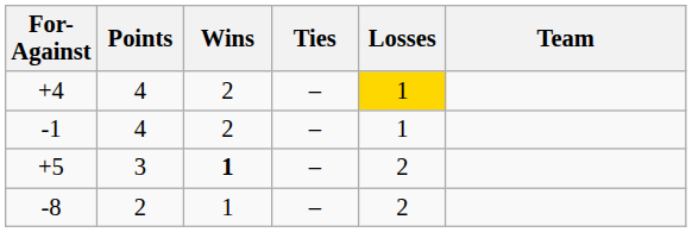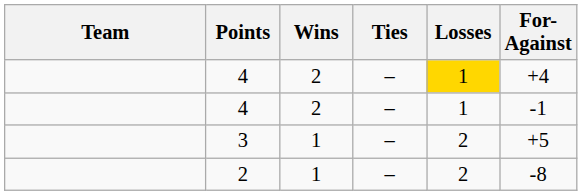 <table class="wikitable" border="1" style="text-align:center">
 <tr>
-<th width=50>For-Against</th>
+<th width=150>Team</th>
 <th width=50>Points</th>
 <th width=50>Wins</th>
 <th width=50>Ties</th>
 <th width=50>Losses</th>
-<th width=150>Team</th>
+<th width=50>For-Against</th>
 </tr>
 <tr>
-<td>+4</td>
+<td align=left><strong></strong></td>
 <td>4</td>
 <td>2</td>
 <td>–</td>
 <td style="background: gold;">1</td>
-<td align=left><strong></strong></td>
+<td>+4</td>
 </tr>
 <tr>
-<td>-1</td>
+<td align=left><strong></strong></td>
 <td>4</td>
 <td>2</td>
 <td>–</td>
 <td>1</td>
-<td align=left><strong></strong></td>
+<td>-1</td>
 </tr>
 <tr>
-<td>+5</td>
+<td align=left></td>
 <td>3</td>
-<td><strong>1</strong></td>
+<td>1</td>
 <td>–</td>
 <td>2</td>
-<td align=left></td>
+<td>+5</td>
 </tr>
 <tr>
-<td>-8</td>
+<td align=left></td>
 <td>2</td>
 <td>1</td>
 <td>–</td>
 <td>2</td>
-<td align=left></td>
+<td>-8</td>
 </tr>
 </table>
